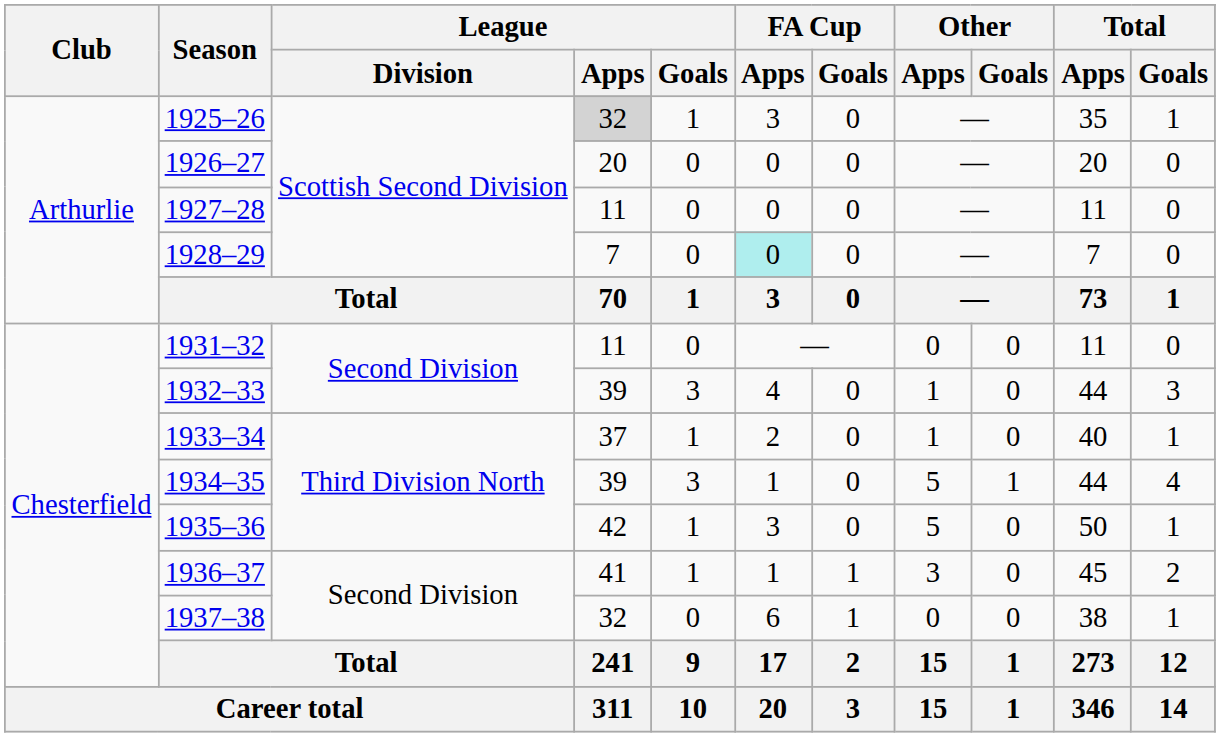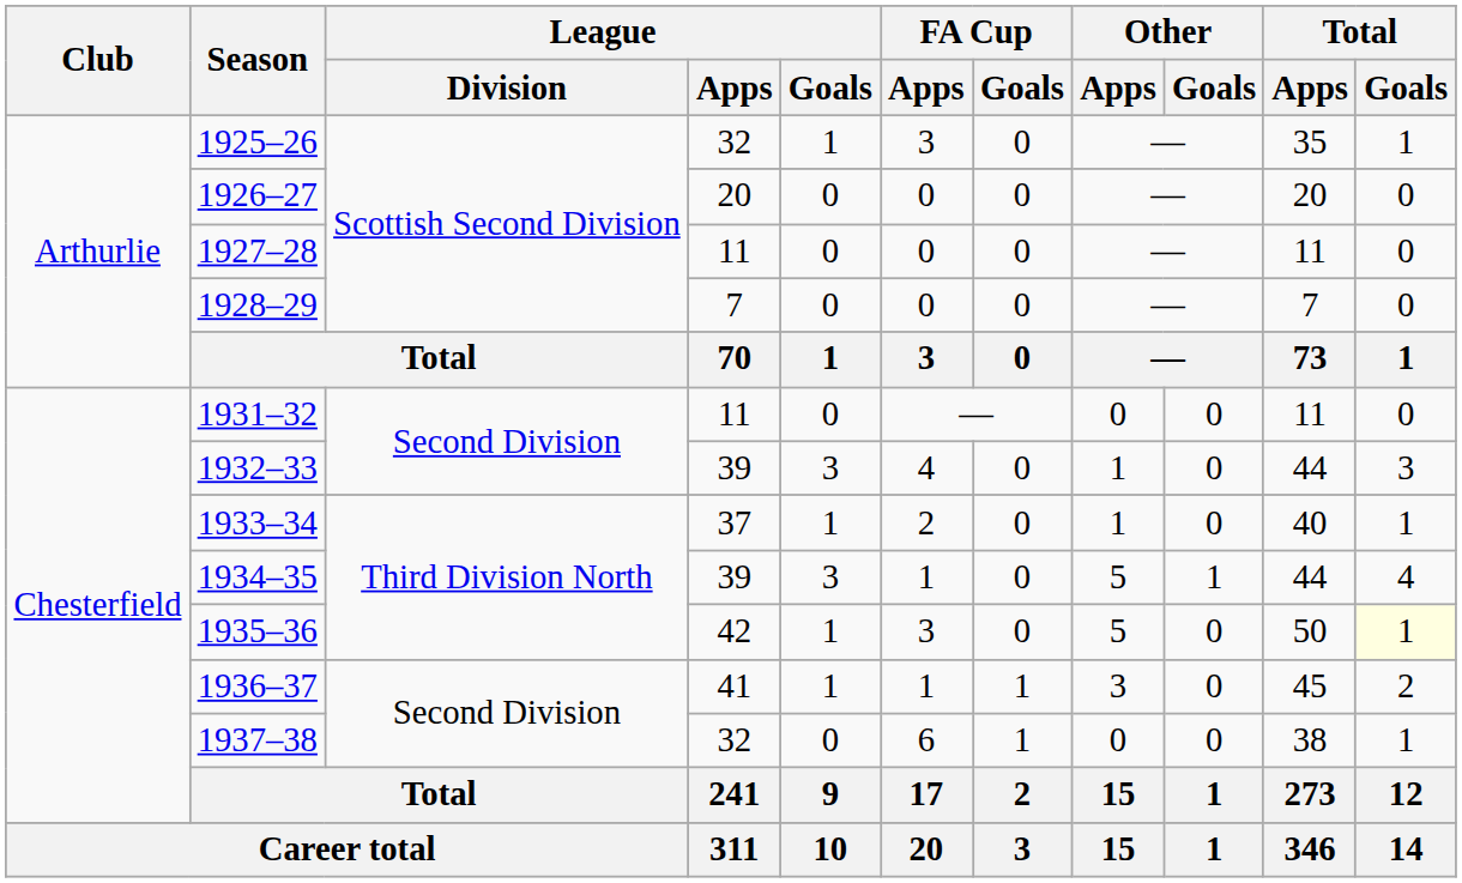 <table class="wikitable" style="text-align: center">
 <tr>
 <th rowspan="2">Club</th>
 <th rowspan="2">Season</th>
 <th colspan="3">League</th>
 <th colspan="2">FA Cup</th>
 <th colspan="2">Other</th>
 <th colspan="2">Total</th>
 </tr>
 <tr>
 <th>Division</th>
 <th>Apps</th>
 <th>Goals</th>
 <th>Apps</th>
 <th>Goals</th>
 <th>Apps</th>
 <th>Goals</th>
 <th>Apps</th>
 <th>Goals</th>
 </tr>
 <tr>
 <td rowspan="5"><a href='#'>Arthurlie</a></td>
 <td><a href='#'>1925–26</a></td>
 <td rowspan="4"><a href='#'>Scottish Second Division</a></td>
-<td style="background: lightgrey;">32</td>
+<td>32</td>
 <td>1</td>
 <td>3</td>
 <td>0</td>
 <td colspan="2">—</td>
 <td>35</td>
 <td>1</td>
 </tr>
 <tr>
 <td><a href='#'>1926–27</a></td>
 <td>20</td>
 <td>0</td>
 <td>0</td>
 <td>0</td>
 <td colspan="2">—</td>
 <td>20</td>
 <td>0</td>
 </tr>
 <tr>
 <td><a href='#'>1927–28</a></td>
 <td>11</td>
 <td>0</td>
 <td>0</td>
 <td>0</td>
 <td colspan="2">—</td>
 <td>11</td>
 <td>0</td>
 </tr>
 <tr>
 <td><a href='#'>1928–29</a></td>
 <td>7</td>
 <td>0</td>
-<td style="background: paleturquoise;">0</td>
+<td>0</td>
 <td>0</td>
 <td colspan="2">—</td>
 <td>7</td>
 <td>0</td>
 </tr>
 <tr>
 <th colspan="2">Total</th>
 <th>70</th>
 <th>1</th>
 <th>3</th>
 <th>0</th>
 <th colspan="2">—</th>
 <th>73</th>
 <th>1</th>
 </tr>
 <tr>
 <td rowspan="8"><a href='#'>Chesterfield</a></td>
 <td><a href='#'>1931–32</a></td>
 <td rowspan="2"><a href='#'>Second Division</a></td>
 <td>11</td>
 <td>0</td>
 <td colspan="2">—</td>
 <td>0</td>
 <td>0</td>
 <td>11</td>
 <td>0</td>
 </tr>
 <tr>
 <td><a href='#'>1932–33</a></td>
 <td>39</td>
 <td>3</td>
 <td>4</td>
 <td>0</td>
 <td>1</td>
 <td>0</td>
 <td>44</td>
 <td>3</td>
 </tr>
 <tr>
 <td><a href='#'>1933–34</a></td>
 <td rowspan="3"><a href='#'>Third Division North</a></td>
 <td>37</td>
 <td>1</td>
 <td>2</td>
 <td>0</td>
 <td>1</td>
 <td>0</td>
 <td>40</td>
 <td>1</td>
 </tr>
 <tr>
 <td><a href='#'>1934–35</a></td>
 <td>39</td>
 <td>3</td>
 <td>1</td>
 <td>0</td>
 <td>5</td>
 <td>1</td>
 <td>44</td>
 <td>4</td>
 </tr>
 <tr>
 <td><a href='#'>1935–36</a></td>
 <td>42</td>
 <td>1</td>
 <td>3</td>
 <td>0</td>
 <td>5</td>
 <td>0</td>
 <td>50</td>
-<td>1</td>
+<td style="background: lightyellow;">1</td>
 </tr>
 <tr>
 <td><a href='#'>1936–37</a></td>
 <td rowspan="2">Second Division</td>
 <td>41</td>
 <td>1</td>
 <td>1</td>
 <td>1</td>
 <td>3</td>
 <td>0</td>
 <td>45</td>
 <td>2</td>
 </tr>
 <tr>
 <td><a href='#'>1937–38</a></td>
 <td>32</td>
 <td>0</td>
 <td>6</td>
 <td>1</td>
 <td>0</td>
 <td>0</td>
 <td>38</td>
 <td>1</td>
 </tr>
 <tr>
 <th colspan="2">Total</th>
 <th>241</th>
 <th>9</th>
 <th>17</th>
 <th>2</th>
 <th>15</th>
 <th>1</th>
 <th>273</th>
 <th>12</th>
 </tr>
 <tr>
 <th colspan="3">Career total</th>
 <th>311</th>
 <th>10</th>
 <th>20</th>
 <th>3</th>
 <th>15</th>
 <th>1</th>
 <th>346</th>
 <th>14</th>
 </tr>
 </table>
